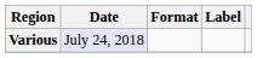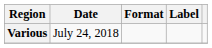 <table class="wikitable plainrowheaders">
 <tr>
 <th scope="col">Region</th>
 <th scope="col">Date</th>
 <th scope="col">Format</th>
 <th scope="col">Label</th>
 <th scope="col"></th>
 </tr>
 <tr>
 <th scope="row">Various</th>
-<td style="background: lavender;">July 24, 2018</td>
+<td>July 24, 2018</td>
 <td></td>
 <td></td>
 <td align="center"></td>
 </tr>
 <tr>
 </tr>
 </table>
